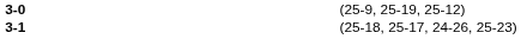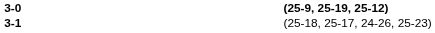 <table width=100% cellspacing=1>
 <tr>
 <th width=20%></th>
 <th width=12%></th>
 <th width=20%></th>
 <th width=33%></th>
 <td></td>
 </tr>
 <tr style=font-size:90%>
 <td align=right></td>
 <td align=center><strong>3-0</strong></td>
 <td></td>
-<td>(25-9, 25-19, 25-12)</td>
+<td><strong>(25-9, 25-19, 25-12)</strong></td>
 <td></td>
 </tr>
 <tr style=font-size:90%>
 <td align=right></td>
 <td align=center><strong>3-1</strong></td>
 <td></td>
 <td>(25-18, 25-17, 24-26, 25-23)</td>
 </tr>
 </table>
